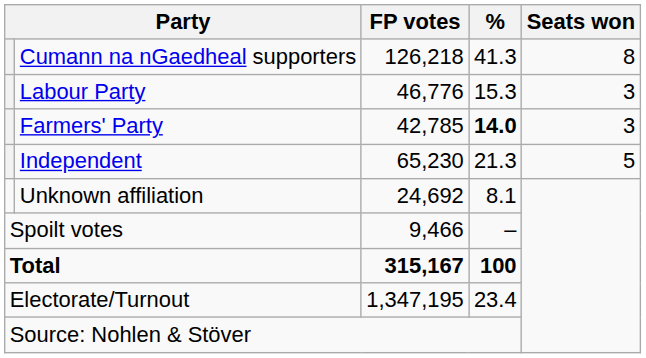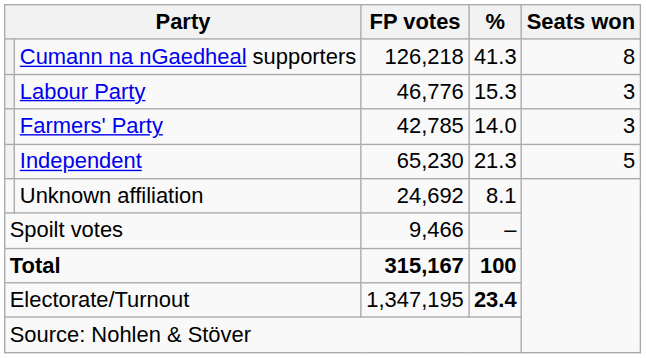 <table class=wikitable style=text-align:right>
 <tr>
 <th colspan=2>Party</th>
 <th>FP votes</th>
 <th>%</th>
 <th>Seats won</th>
 </tr>
 <tr>
 <th style="background-color: "></th>
 <td align=left><a href='#'>Cumann na nGaedheal</a> supporters</td>
 <td>126,218</td>
 <td>41.3</td>
 <td>8</td>
 </tr>
 <tr>
 <th style="background-color: "></th>
 <td align=left><a href='#'>Labour Party</a></td>
 <td>46,776</td>
 <td>15.3</td>
 <td>3</td>
 </tr>
 <tr>
 <th style="background-color: "></th>
 <td align=left><a href='#'>Farmers' Party</a></td>
 <td>42,785</td>
-<td><strong>14.0</strong></td>
+<td>14.0</td>
 <td>3</td>
 </tr>
 <tr>
 <th style="background-color: "></th>
 <td align=left><a href='#'>Independent</a></td>
 <td>65,230</td>
 <td>21.3</td>
 <td>5</td>
 </tr>
 <tr>
 <td></td>
 <td align=left>Unknown affiliation</td>
 <td>24,692</td>
 <td>8.1</td>
 </tr>
 <tr>
 <td align=left colspan=2>Spoilt votes</td>
 <td>9,466</td>
 <td>–</td>
 </tr>
 <tr>
 <td align=left colspan=2><strong>Total</strong></td>
 <td><strong>315,167</strong></td>
 <td><strong>100</strong></td>
 </tr>
 <tr>
 <td align=left colspan=2>Electorate/Turnout</td>
 <td>1,347,195</td>
-<td>23.4</td>
+<td><strong>23.4</strong></td>
 </tr>
 <tr>
 <td align=left colspan=4>Source: Nohlen & Stöver</td>
 </tr>
 </table>
